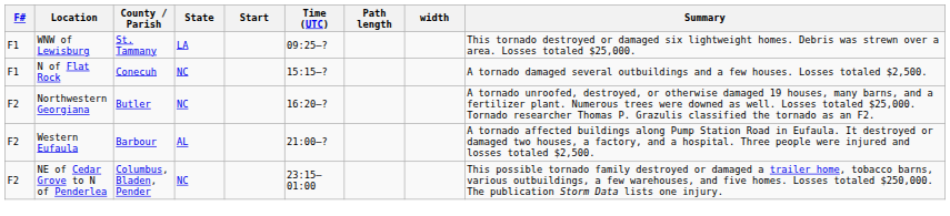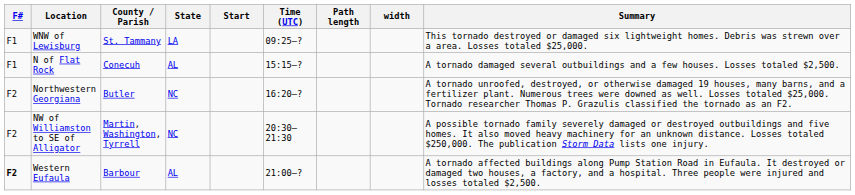 <table class="wikitable sortable" style="width:100%;">
 <tr>
 <th scope="col"  style="width:3%; text-align:center;"><a href='#'>F#</a></th>
 <th scope="col"  style="width:7%; text-align:center;" class="unsortable">Location</th>
 <th scope="col"  style="width:6%; text-align:center;" class="unsortable">County / Parish</th>
 <th scope="col"  style="width:5%; text-align:center;">State</th>
 <th scope="col"  style="width:6%; text-align:center;">Start<br></th>
 <th scope="col"  style="width:6%; text-align:center;">Time (<a href='#'>UTC</a>)</th>
 <th scope="col"  style="width:6%; text-align:center;">Path length</th>
 <th scope="col"  style="width:6%; text-align:center;"> width</th>
 <th scope="col" class="unsortable" style="width:48%; text-align:center;">Summary</th>
 </tr>
 <tr>
 <td>F1</td>
 <td>WNW of <a href='#'>Lewisburg</a></td>
 <td><a href='#'>St. Tammany</a></td>
 <td><a href='#'>LA</a></td>
 <td></td>
 <td>09:25–?</td>
 <td></td>
 <td></td>
 <td>This tornado destroyed or damaged six lightweight homes. Debris was strewn over a  area. Losses totaled $25,000.</td>
 </tr>
 <tr>
 <td>F1</td>
 <td>N of <a href='#'>Flat Rock</a></td>
 <td><a href='#'>Conecuh</a></td>
-<td><a href='#'>NC</a></td>
+<td><a href='#'>AL</a></td>
 <td></td>
 <td>15:15–?</td>
 <td></td>
 <td></td>
 <td>A tornado damaged several outbuildings and a few houses. Losses totaled $2,500.</td>
 </tr>
 <tr>
 <td>F2</td>
 <td>Northwestern <a href='#'>Georgiana</a></td>
 <td><a href='#'>Butler</a></td>
 <td><a href='#'>NC</a></td>
 <td></td>
 <td>16:20–?</td>
 <td></td>
 <td></td>
 <td>A tornado unroofed, destroyed, or otherwise damaged 19 houses, many barns, and a fertilizer plant. Numerous trees were downed as well. Losses totaled $25,000. Tornado researcher Thomas P. Grazulis classified the tornado as an F2.</td>
 </tr>
 <tr>
 <td>F2</td>
+<td>NW of <a href='#'>Williamston</a> to SE of <a href='#'>Alligator</a></td>
+<td><a href='#'>Martin</a>, <a href='#'>Washington</a>, <a href='#'>Tyrrell</a></td>
+<td><a href='#'>NC</a></td>
+<td></td>
+<td>20:30–21:30</td>
+<td></td>
+<td></td>
+<td>A possible tornado family severely damaged or destroyed outbuildings and five homes. It also moved heavy machinery for an unknown distance. Losses totaled $250,000. The publication <em><a href='#'>Storm Data</a></em> lists one injury.</td>
+</tr>
+<tr>
+<td><strong>F2</strong></td>
 <td>Western <a href='#'>Eufaula</a></td>
 <td><a href='#'>Barbour</a></td>
 <td><a href='#'>AL</a></td>
 <td></td>
 <td>21:00–?</td>
 <td></td>
 <td></td>
 <td>A tornado affected buildings along Pump Station Road in Eufaula. It destroyed or damaged two houses, a factory, and a hospital. Three people were injured and losses totaled $2,500.</td>
 </tr>
-<tr>
-<td>F2</td>
-<td>NE of <a href='#'>Cedar Grove</a> to N of <a href='#'>Penderlea</a></td>
-<td><a href='#'>Columbus</a>, <a href='#'>Bladen</a>, <a href='#'>Pender</a></td>
-<td><a href='#'>NC</a></td>
-<td></td>
-<td>23:15–01:00</td>
-<td></td>
-<td></td>
-<td>This possible tornado family destroyed or damaged a <a href='#'>trailer home</a>, tobacco barns, various outbuildings, a few warehouses, and five homes. Losses totaled $250,000. The publication <em>Storm Data</em> lists one injury.</td>
-</tr>
 </table>
